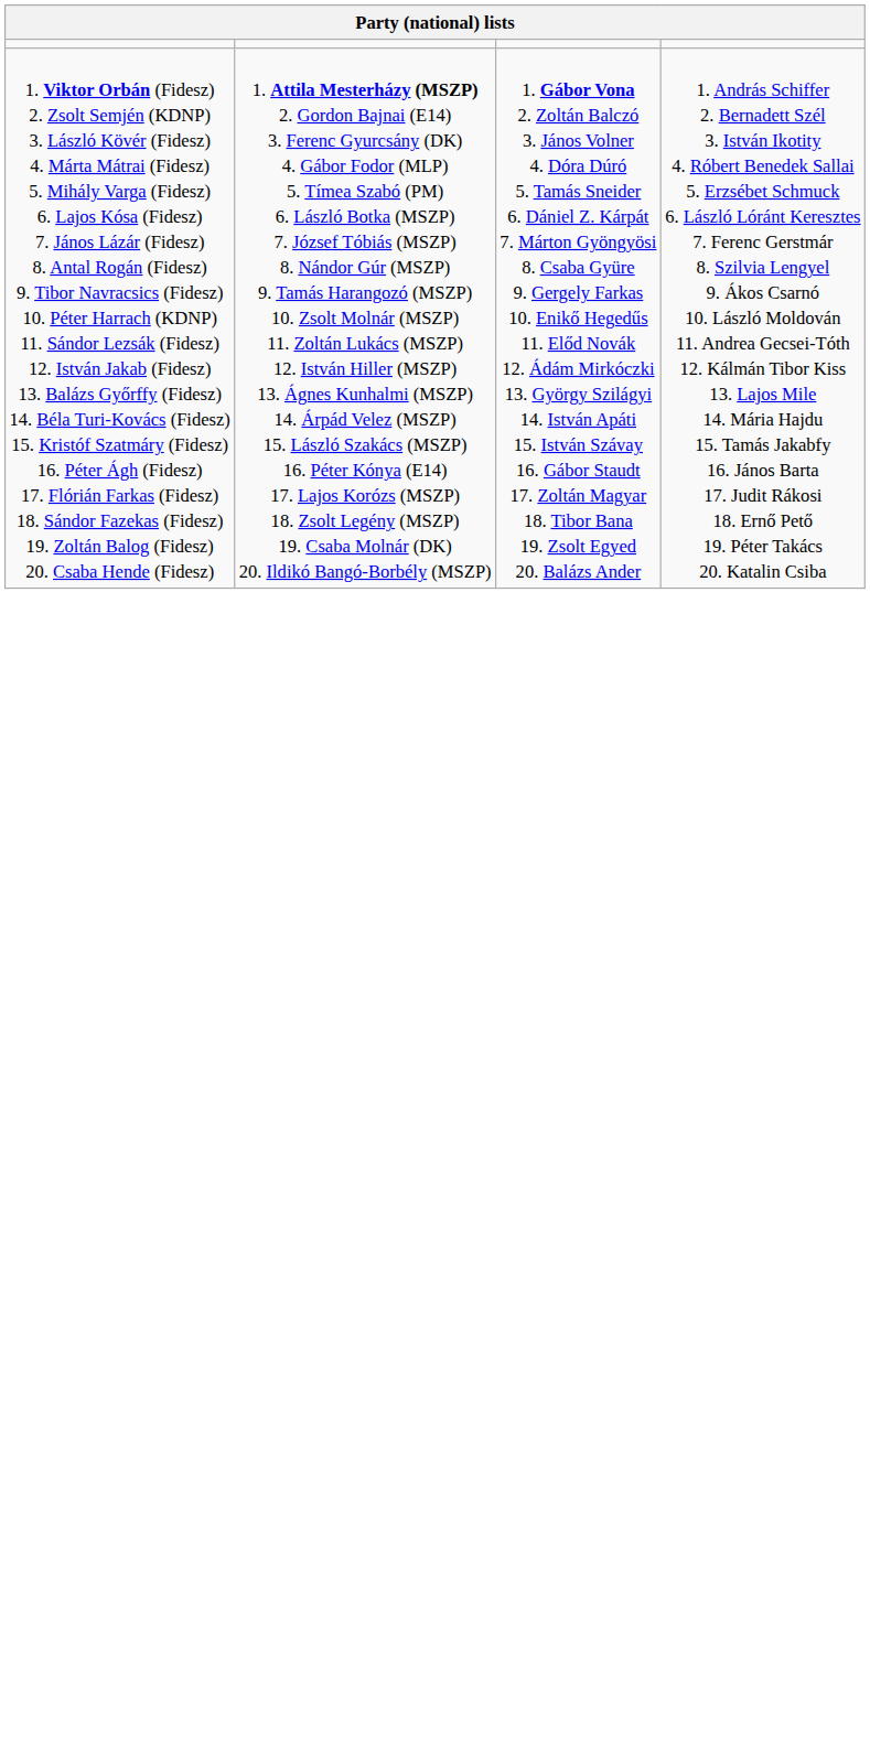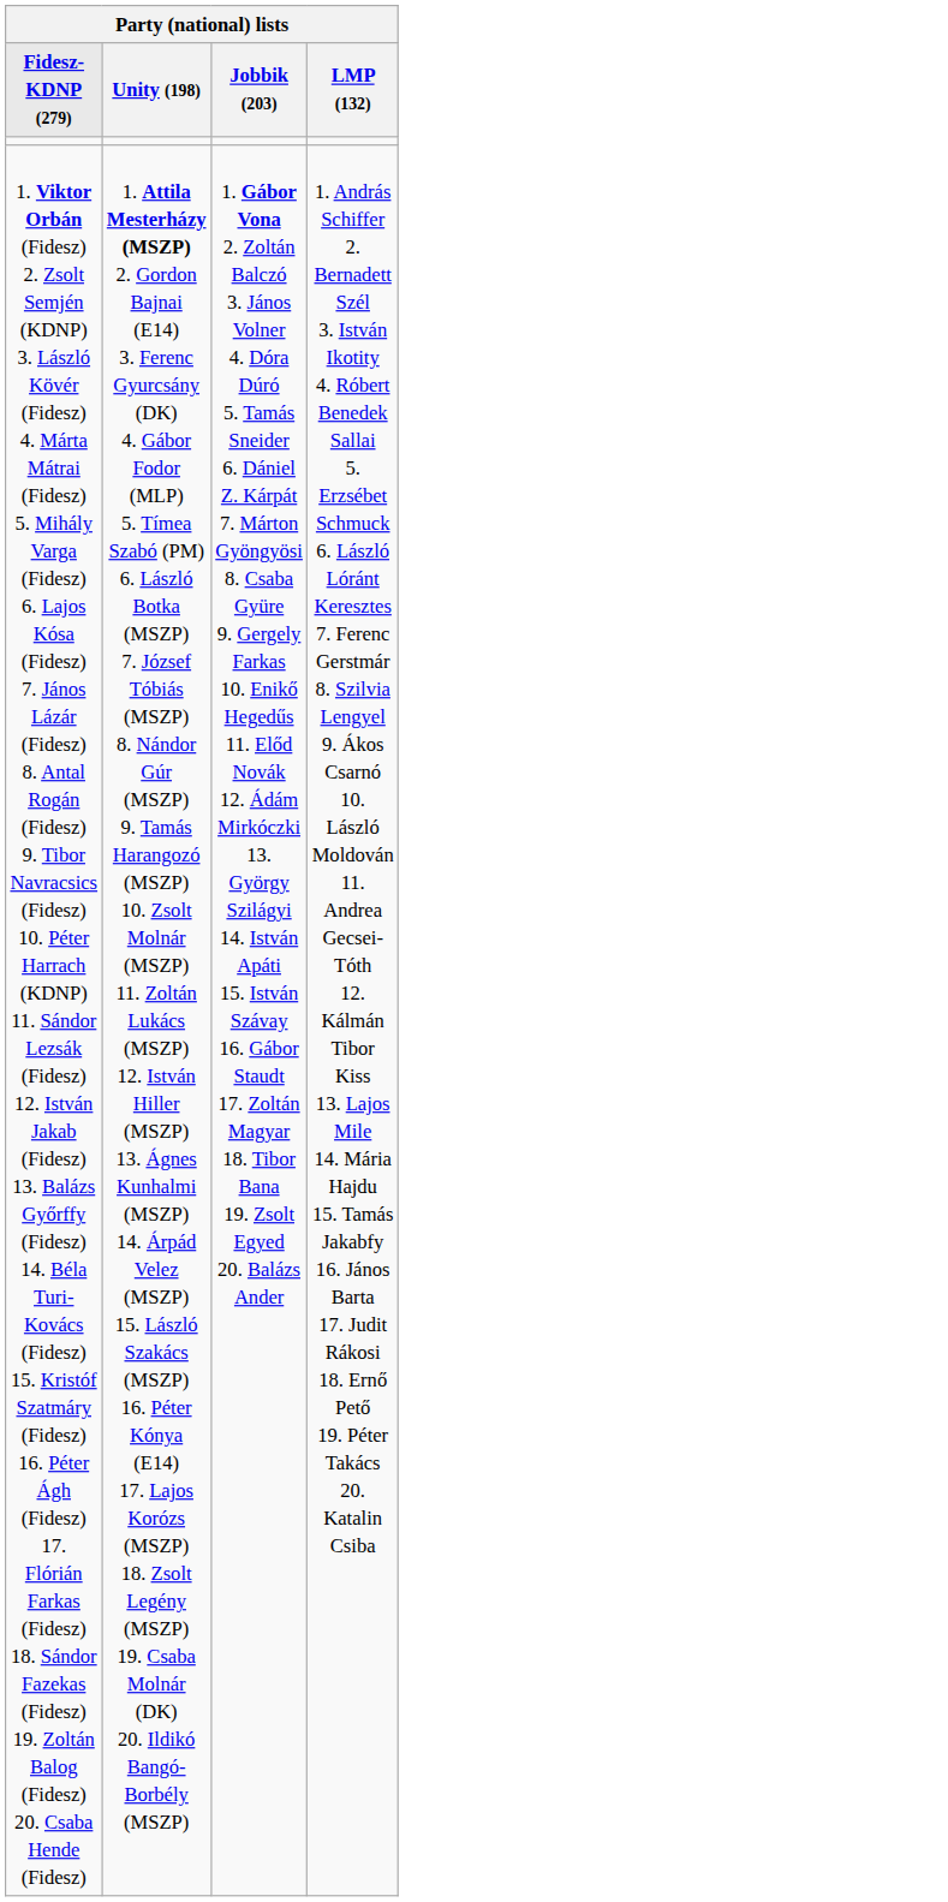 <table class="wikitable sortable collapsible collapsed center" style="text-align:center; font-size:90%; line-height:20px">
 <tr style="background:lightgrey;">
 <th colspan="4">Party (national) lists</th>
+</tr>
+<tr style="background-color:#E9E9E9">
+<td style="width:40px"><strong><a href='#'>Fidesz-KDNP</a></strong> <small><strong>(279)</strong></small></td>
+<th style="width:40px"><a href='#'>Unity</a> <small>(198)</small></th>
+<th style="width:40px"><a href='#'>Jobbik</a> <small>(203)</small></th>
+<th style="width:40px"><a href='#'>LMP</a> <small>(132)</small></th>
 </tr>
 <tr>
 <td></td>
 <td></td>
 <td></td>
 <td></td>
 </tr>
 <tr>
 <td valign="top"><br>1. <strong><a href='#'>Viktor Orbán</a></strong> (Fidesz)<br> 2. <a href='#'>Zsolt Semjén</a> (KDNP)<br> 3. <a href='#'>László Kövér</a> (Fidesz)<br> 4. <a href='#'>Márta Mátrai</a> (Fidesz)<br> 5. <a href='#'>Mihály Varga</a> (Fidesz)<br> 6. <a href='#'>Lajos Kósa</a> (Fidesz)<br> 7. <a href='#'>János Lázár</a> (Fidesz)<br> 8. <a href='#'>Antal Rogán</a> (Fidesz)<br> 9. <a href='#'>Tibor Navracsics</a> (Fidesz)<br> 10. <a href='#'>Péter Harrach</a> (KDNP)<br> 11. <a href='#'>Sándor Lezsák</a> (Fidesz)<br> 12. <a href='#'>István Jakab</a> (Fidesz)<br> 13. <a href='#'>Balázs Győrffy</a> (Fidesz)<br> 14. <a href='#'>Béla Turi-Kovács</a> (Fidesz)<br> 15. <a href='#'>Kristóf Szatmáry</a> (Fidesz)<br> 16. <a href='#'>Péter Ágh</a> (Fidesz)<br> 17. <a href='#'>Flórián Farkas</a> (Fidesz)<br> 18. <a href='#'>Sándor Fazekas</a> (Fidesz)<br> 19. <a href='#'>Zoltán Balog</a> (Fidesz)<br> 20. <a href='#'>Csaba Hende</a> (Fidesz)</td>
 <td valign="top"><br>1. <strong><a href='#'>Attila Mesterházy</a> (MSZP)</strong><br> 2. <a href='#'>Gordon Bajnai</a> (E14)<br> 3. <a href='#'>Ferenc Gyurcsány</a> (DK)<br> 4. <a href='#'>Gábor Fodor</a> (MLP)<br> 5. <a href='#'>Tímea Szabó</a> (PM)<br> 6. <a href='#'>László Botka</a> (MSZP)<br> 7. <a href='#'>József Tóbiás</a> (MSZP)<br> 8. <a href='#'>Nándor Gúr</a> (MSZP)<br> 9. <a href='#'>Tamás Harangozó</a> (MSZP)<br> 10. <a href='#'>Zsolt Molnár</a> (MSZP)<br> 11. <a href='#'>Zoltán Lukács</a> (MSZP)<br> 12. <a href='#'>István Hiller</a> (MSZP)<br> 13. <a href='#'>Ágnes Kunhalmi</a> (MSZP)<br> 14. <a href='#'>Árpád Velez</a> (MSZP)<br> 15. <a href='#'>László Szakács</a> (MSZP)<br> 16. <a href='#'>Péter Kónya</a> (E14)<br> 17. <a href='#'>Lajos Korózs</a> (MSZP)<br> 18. <a href='#'>Zsolt Legény</a> (MSZP)<br> 19. <a href='#'>Csaba Molnár</a> (DK)<br> 20. <a href='#'>Ildikó Bangó-Borbély</a> (MSZP)</td>
 <td valign="top"><br>1. <strong><a href='#'>Gábor Vona</a></strong><br> 2. <a href='#'>Zoltán Balczó</a><br> 3. <a href='#'>János Volner</a><br> 4. <a href='#'>Dóra Dúró</a><br> 5. <a href='#'>Tamás Sneider</a><br> 6. <a href='#'>Dániel Z. Kárpát</a><br> 7. <a href='#'>Márton Gyöngyösi</a><br> 8. <a href='#'>Csaba Gyüre</a><br> 9. <a href='#'>Gergely Farkas</a><br> 10. <a href='#'>Enikő Hegedűs</a><br> 11. <a href='#'>Előd Novák</a><br> 12. <a href='#'>Ádám Mirkóczki</a><br> 13. <a href='#'>György Szilágyi</a><br> 14. <a href='#'>István Apáti</a><br> 15. <a href='#'>István Szávay</a><br> 16. <a href='#'>Gábor Staudt</a><br> 17. <a href='#'>Zoltán Magyar</a><br> 18. <a href='#'>Tibor Bana</a><br> 19. <a href='#'>Zsolt Egyed</a><br> 20. <a href='#'>Balázs Ander</a></td>
 <td valign="top"><br>1. <a href='#'>András Schiffer</a><br> 2. <a href='#'>Bernadett Szél</a><br> 3. <a href='#'>István Ikotity</a><br> 4. <a href='#'>Róbert Benedek Sallai</a><br> 5. <a href='#'>Erzsébet Schmuck</a><br> 6. <a href='#'>László Lóránt Keresztes</a><br> 7. Ferenc Gerstmár<br> 8. <a href='#'>Szilvia Lengyel</a><br> 9. Ákos Csarnó<br> 10. László Moldován<br> 11. Andrea Gecsei-Tóth<br> 12. Kálmán Tibor Kiss<br> 13. <a href='#'>Lajos Mile</a><br> 14. Mária Hajdu<br> 15. Tamás Jakabfy<br> 16. János Barta<br> 17. Judit Rákosi<br> 18. Ernő Pető<br> 19. Péter Takács<br> 20. Katalin Csiba</td>
 </tr>
 </table>
